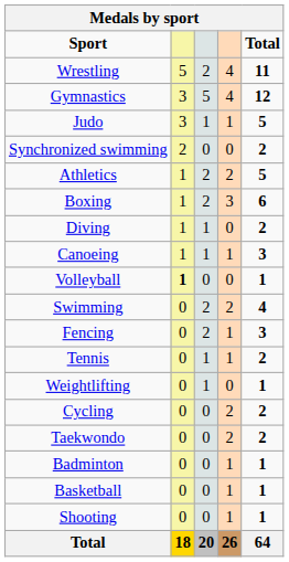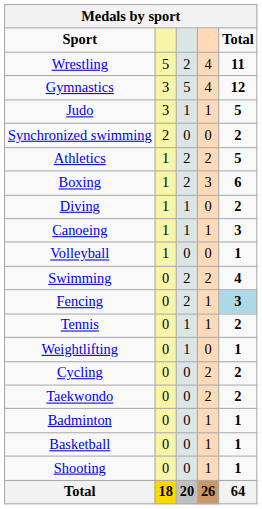 <table class="wikitable" style="font-size:85%">
 <tr style="background:#efefef;">
 <th colspan=5>Medals by sport</th>
 </tr>
 <tr align=center>
 <td><strong>Sport</strong></td>
 <td bgcolor=#f7f6a8></td>
 <td bgcolor=#dce5e5></td>
 <td bgcolor=#ffdab9></td>
 <td><strong>Total</strong></td>
 </tr>
 <tr align=center>
 <td><a href='#'>Wrestling</a></td>
 <td style="background:#F7F6A8;">5</td>
 <td style="background:#DCE5E5;">2</td>
 <td style="background:#FFDAB9;">4</td>
 <td><strong>11</strong></td>
 </tr>
 <tr align=center>
 <td><a href='#'>Gymnastics</a></td>
 <td style="background:#F7F6A8;">3</td>
 <td style="background:#DCE5E5;">5</td>
 <td style="background:#FFDAB9;">4</td>
 <td><strong>12</strong></td>
 </tr>
 <tr align=center>
 <td><a href='#'>Judo</a></td>
 <td style="background:#F7F6A8;">3</td>
 <td style="background:#DCE5E5;">1</td>
 <td style="background:#FFDAB9;">1</td>
 <td><strong>5</strong></td>
 </tr>
 <tr align=center>
 <td><a href='#'>Synchronized swimming</a></td>
 <td style="background:#F7F6A8;">2</td>
 <td style="background:#DCE5E5;">0</td>
 <td style="background:#FFDAB9;">0</td>
 <td><strong>2</strong></td>
 </tr>
 <tr align=center>
 <td><a href='#'>Athletics</a></td>
 <td style="background:#F7F6A8;">1</td>
 <td style="background:#DCE5E5;">2</td>
 <td style="background:#FFDAB9;">2</td>
 <td><strong>5</strong></td>
 </tr>
 <tr align=center>
 <td><a href='#'>Boxing</a></td>
 <td style="background:#F7F6A8;">1</td>
 <td style="background:#DCE5E5;">2</td>
 <td style="background:#FFDAB9;">3</td>
 <td><strong>6</strong></td>
 </tr>
 <tr align=center>
 <td><a href='#'>Diving</a></td>
 <td style="background:#F7F6A8;">1</td>
 <td style="background:#DCE5E5;">1</td>
 <td style="background:#FFDAB9;">0</td>
 <td><strong>2</strong></td>
 </tr>
 <tr align=center>
 <td><a href='#'>Canoeing</a></td>
 <td style="background:#F7F6A8;">1</td>
 <td style="background:#DCE5E5;">1</td>
 <td style="background:#FFDAB9;">1</td>
 <td><strong>3</strong></td>
 </tr>
 <tr align=center>
 <td><a href='#'>Volleyball</a></td>
-<td style="background:#F7F6A8;"><strong>1</strong></td>
+<td style="background:#F7F6A8;">1</td>
 <td style="background:#DCE5E5;">0</td>
 <td style="background:#FFDAB9;">0</td>
 <td><strong>1</strong></td>
 </tr>
 <tr align=center>
 <td><a href='#'>Swimming</a></td>
 <td style="background:#F7F6A8;">0</td>
 <td style="background:#DCE5E5;">2</td>
 <td style="background:#FFDAB9;">2</td>
 <td><strong>4</strong></td>
 </tr>
 <tr align=center>
 <td><a href='#'>Fencing</a></td>
 <td style="background:#F7F6A8;">0</td>
 <td style="background:#DCE5E5;">2</td>
 <td style="background:#FFDAB9;">1</td>
-<td><strong>3</strong></td>
+<td style="background: lightblue;"><strong>3</strong></td>
 </tr>
 <tr align=center>
 <td><a href='#'>Tennis</a></td>
 <td style="background:#F7F6A8;">0</td>
 <td style="background:#DCE5E5;">1</td>
 <td style="background:#FFDAB9;">1</td>
 <td><strong>2</strong></td>
 </tr>
 <tr align=center>
 <td><a href='#'>Weightlifting</a></td>
 <td style="background:#F7F6A8;">0</td>
 <td style="background:#DCE5E5;">1</td>
 <td style="background:#FFDAB9;">0</td>
 <td><strong>1</strong></td>
 </tr>
 <tr align=center>
 <td><a href='#'>Cycling</a></td>
 <td style="background:#F7F6A8;">0</td>
 <td style="background:#DCE5E5;">0</td>
 <td style="background:#FFDAB9;">2</td>
 <td><strong>2</strong></td>
 </tr>
 <tr align=center>
 <td><a href='#'>Taekwondo</a></td>
 <td style="background:#F7F6A8;">0</td>
 <td style="background:#DCE5E5;">0</td>
 <td style="background:#FFDAB9;">2</td>
 <td><strong>2</strong></td>
 </tr>
 <tr align=center>
 <td><a href='#'>Badminton</a></td>
 <td style="background:#F7F6A8;">0</td>
 <td style="background:#DCE5E5;">0</td>
 <td style="background:#FFDAB9;">1</td>
 <td><strong>1</strong></td>
 </tr>
 <tr align=center>
 <td><a href='#'>Basketball</a></td>
 <td style="background:#F7F6A8;">0</td>
 <td style="background:#DCE5E5;">0</td>
 <td style="background:#FFDAB9;">1</td>
 <td><strong>1</strong></td>
 </tr>
 <tr align=center>
 <td><a href='#'>Shooting</a></td>
 <td style="background:#F7F6A8;">0</td>
 <td style="background:#DCE5E5;">0</td>
 <td style="background:#FFDAB9;">1</td>
 <td><strong>1</strong></td>
 </tr>
 <tr align=center>
 <th>Total</th>
 <th style="background:gold;">18</th>
 <th style="background:silver;">20</th>
 <th style="background:#c96;">26</th>
 <th>64</th>
 </tr>
 </table>
